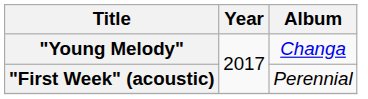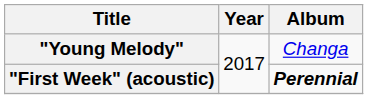 <table class="wikitable plainrowheaders" style="text-align:center">
 <tr>
 <th scope="col" rowspan="1">Title</th>
 <th scope="col" rowspan="1">Year</th>
 <th scope="col" rowspan="1">Album</th>
 </tr>
 <tr>
 <th scope="row">"Young Melody"<br></th>
 <td rowspan="2">2017</td>
 <td><em><a href='#'>Changa</a></em></td>
 </tr>
 <tr>
 <th scope="row">"First Week" (acoustic)</th>
-<td><em>Perennial</em></td>
+<td><strong><em>Perennial</em></strong></td>
 </tr>
 <tr>
 </tr>
 </table>
